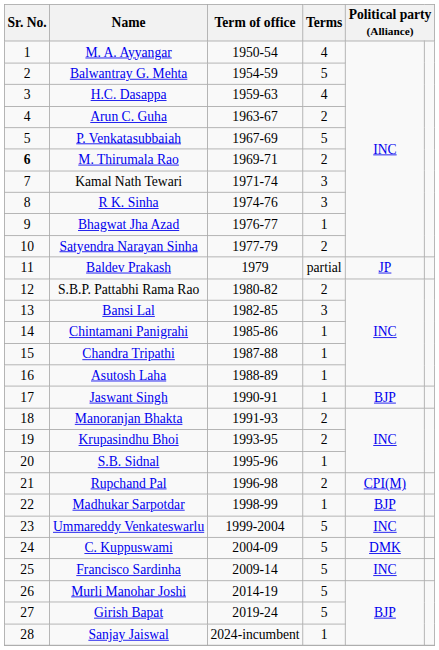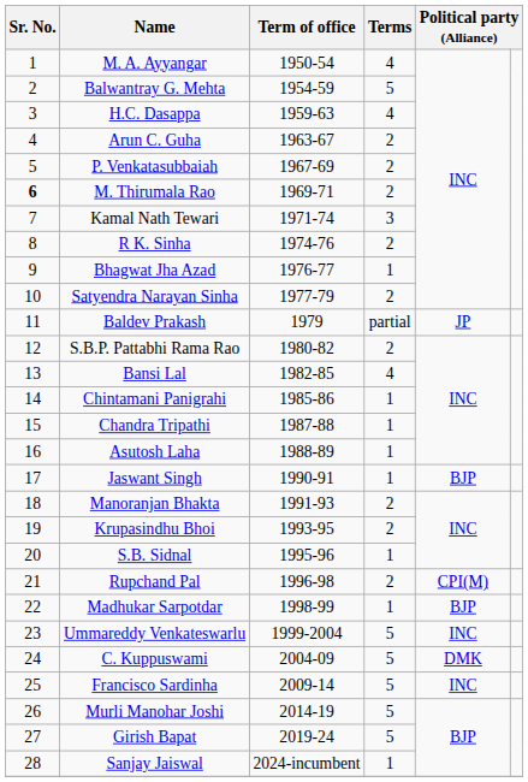 <table class="wikitable sortable">
 <tr>
 <th>Sr. No.</th>
 <th>Name</th>
 <th>Term of office</th>
 <th>Terms</th>
 <th colspan="2">Political party<br><small>(Alliance)</small></th>
 </tr>
 <tr align="center">
 <td>1</td>
 <td><a href='#'>M. A. Ayyangar</a></td>
 <td>1950-54</td>
 <td>4</td>
 <td rowspan="10"><a href='#'>INC</a></td>
 <td rowspan="10" width="px"></td>
 </tr>
 <tr align="center">
 <td>2</td>
 <td><a href='#'>Balwantray G. Mehta</a></td>
 <td>1954-59</td>
 <td>5</td>
 </tr>
 <tr align="center">
 <td>3</td>
 <td><a href='#'>H.C. Dasappa</a></td>
 <td>1959-63</td>
 <td>4</td>
 </tr>
 <tr align="center">
 <td>4</td>
 <td><a href='#'>Arun C. Guha</a></td>
 <td>1963-67</td>
 <td>2</td>
 </tr>
 <tr align="center">
 <td>5</td>
 <td><a href='#'>P. Venkatasubbaiah</a></td>
 <td>1967-69</td>
-<td>5</td>
+<td>2</td>
 </tr>
 <tr align="center">
 <td><strong>6</strong></td>
 <td><a href='#'>M. Thirumala Rao</a></td>
 <td>1969-71</td>
 <td>2</td>
 </tr>
 <tr align="center">
 <td>7</td>
 <td>Kamal Nath Tewari</td>
 <td>1971-74</td>
 <td>3</td>
 </tr>
 <tr align="center">
 <td>8</td>
 <td><a href='#'>R K. Sinha</a></td>
 <td>1974-76</td>
-<td>3</td>
+<td>2</td>
 </tr>
 <tr align="center">
 <td>9</td>
 <td><a href='#'>Bhagwat Jha Azad</a></td>
 <td>1976-77</td>
 <td>1</td>
 </tr>
 <tr align="center">
 <td>10</td>
 <td><a href='#'>Satyendra Narayan Sinha</a></td>
 <td>1977-79</td>
 <td>2</td>
 </tr>
 <tr align="center">
 <td>11</td>
 <td><a href='#'>Baldev Prakash</a></td>
 <td>1979</td>
 <td>partial</td>
 <td><a href='#'>JP</a></td>
 <td></td>
 </tr>
 <tr align="center">
 <td>12</td>
 <td>S.B.P. Pattabhi Rama Rao</td>
 <td>1980-82</td>
 <td>2</td>
 <td rowspan="5"><a href='#'>INC</a></td>
 <td rowspan="5" width="px"></td>
 </tr>
 <tr align="center">
 <td>13</td>
 <td><a href='#'>Bansi Lal</a></td>
 <td>1982-85</td>
-<td>3</td>
+<td>4</td>
 </tr>
 <tr align="center">
 <td>14</td>
 <td><a href='#'>Chintamani Panigrahi</a></td>
 <td>1985-86</td>
 <td>1</td>
 </tr>
 <tr align="center">
 <td>15</td>
 <td><a href='#'>Chandra Tripathi</a></td>
 <td>1987-88</td>
 <td>1</td>
 </tr>
 <tr align="center">
 <td>16</td>
 <td><a href='#'>Asutosh Laha</a></td>
 <td>1988-89</td>
 <td>1</td>
 </tr>
 <tr align="center">
 <td>17</td>
 <td><a href='#'>Jaswant Singh</a></td>
 <td>1990-91</td>
 <td>1</td>
 <td><a href='#'>BJP</a></td>
 <td></td>
 </tr>
 <tr align="center">
 <td>18</td>
 <td><a href='#'>Manoranjan Bhakta</a></td>
 <td>1991-93</td>
 <td>2</td>
 <td rowspan="3"><a href='#'>INC</a></td>
 <td rowspan="3" width="px"></td>
 </tr>
 <tr align="center">
 <td>19</td>
 <td><a href='#'>Krupasindhu Bhoi</a></td>
 <td>1993-95</td>
 <td>2</td>
 </tr>
 <tr align="center">
 <td>20</td>
 <td><a href='#'>S.B. Sidnal</a></td>
 <td>1995-96</td>
 <td>1</td>
 </tr>
 <tr align="center">
 <td>21</td>
 <td><a href='#'>Rupchand Pal</a></td>
 <td>1996-98</td>
 <td>2</td>
 <td rowspan="1"><a href='#'>CPI(M)</a></td>
 <td></td>
 </tr>
 <tr align="center">
 <td>22</td>
 <td><a href='#'>Madhukar Sarpotdar</a></td>
 <td>1998-99</td>
 <td>1</td>
 <td><a href='#'>BJP</a></td>
 <td></td>
 </tr>
 <tr align="center">
 <td>23</td>
 <td><a href='#'>Ummareddy Venkateswarlu</a></td>
 <td>1999-2004</td>
 <td>5</td>
 <td rowspan="1"><a href='#'>INC</a></td>
 <td></td>
 </tr>
 <tr align="center">
 <td>24</td>
 <td><a href='#'>C. Kuppuswami</a></td>
 <td>2004-09</td>
 <td>5</td>
 <td><a href='#'>DMK</a></td>
 <td></td>
 </tr>
 <tr align="center">
 <td>25</td>
 <td><a href='#'>Francisco Sardinha</a></td>
 <td>2009-14</td>
 <td>5</td>
 <td rowspan="1"><a href='#'>INC</a></td>
 <td></td>
 </tr>
 <tr align="center">
 <td>26</td>
 <td><a href='#'>Murli Manohar Joshi</a></td>
 <td>2014-19</td>
 <td>5</td>
 <td rowspan="3"><a href='#'>BJP</a></td>
 <td rowspan="3" width="px"></td>
 </tr>
 <tr align="center">
 <td>27</td>
 <td><a href='#'>Girish Bapat</a></td>
 <td>2019-24</td>
 <td>5</td>
 </tr>
 <tr align="center">
 <td>28</td>
 <td><a href='#'>Sanjay Jaiswal</a></td>
 <td>2024-incumbent</td>
 <td>1</td>
 </tr>
 <tr align="center">
 </tr>
 </table>
